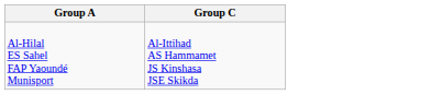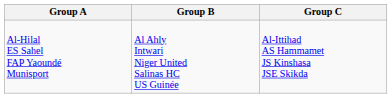 <table class="wikitable">
 <tr>
 <th width=195px>Group A</th>
+<th width=195px>Group B</th>
 <th width=195px>Group C</th>
 </tr>
 <tr>
 <td valign=top><br> <a href='#'>Al-Hilal</a><br>  <a href='#'>ES Sahel</a><br>  <a href='#'>FAP Yaoundé</a><br>  <a href='#'>Munisport</a></td>
+<td valign=top><br> <a href='#'>Al Ahly</a><br>  <a href='#'>Intwari</a><br>  <a href='#'>Niger United</a><br>  <a href='#'>Salinas HC</a><br>  <a href='#'>US Guinée</a></td>
 <td valign=top><br> <a href='#'>Al-Ittihad</a><br>  <a href='#'>AS Hammamet</a><br>  <a href='#'>JS Kinshasa</a><br>  <a href='#'>JSE Skikda</a></td>
 </tr>
 </table>
